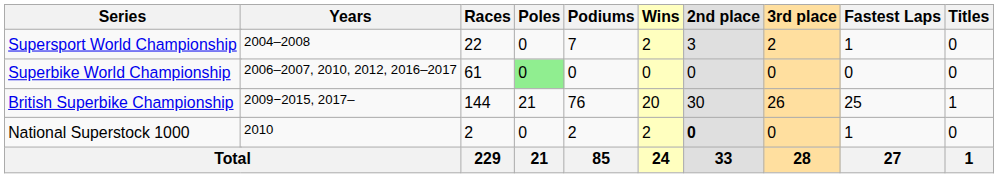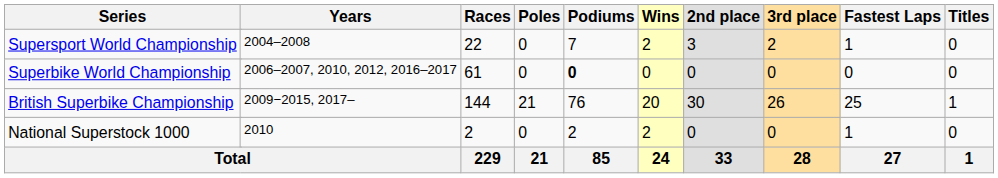 <table class="wikitable">
 <tr>
 <th colspan=2>Series</th>
 <th>Years</th>
 <th>Races</th>
 <th>Poles</th>
 <th>Podiums</th>
 <td style="background:#ffffbf;"><strong>Wins</strong></td>
 <td style="background:#DFDFDF;"><strong>2nd place</strong></td>
 <td style="background:#FFDF9F;"><strong>3rd place</strong></td>
 <th>Fastest Laps</th>
 <th>Titles</th>
 </tr>
 <tr>
 <td colspan=2><a href='#'>Supersport World Championship</a></td>
 <td><sup>2004–2008</sup></td>
 <td>22</td>
 <td>0</td>
 <td>7</td>
 <td style="background:#ffffbf;">2</td>
 <td style="background:#DFDFDF;">3</td>
 <td style="background:#FFDF9F;">2</td>
 <td>1</td>
 <td>0</td>
 </tr>
 <tr>
 <td colspan=2><a href='#'>Superbike World Championship</a></td>
 <td><sup>2006–2007, 2010, 2012, 2016–2017</sup></td>
 <td>61</td>
-<td style="background: lightgreen;">0</td>
 <td>0</td>
+<td><strong>0</strong></td>
 <td style="background:#ffffbf;">0</td>
 <td style="background:#DFDFDF;">0</td>
 <td style="background:#FFDF9F;">0</td>
 <td>0</td>
 <td>0</td>
 </tr>
 <tr>
 <td colspan=2><a href='#'>British Superbike Championship</a></td>
 <td><sup>2009−2015, 2017–</sup></td>
 <td>144</td>
 <td>21</td>
 <td>76</td>
 <td style="background:#ffffbf;">20</td>
 <td style="background:#DFDFDF;">30</td>
 <td style="background:#FFDF9F;">26</td>
 <td>25</td>
 <td>1</td>
 </tr>
 <tr>
 <td colspan=2>National Superstock 1000</td>
 <td><sup>2010</sup></td>
 <td>2</td>
 <td>0</td>
 <td>2</td>
 <td style="background:#ffffbf;">2</td>
-<td style="background:#DFDFDF;"><strong>0</strong></td>
+<td style="background:#DFDFDF;">0</td>
 <td style="background:#FFDF9F;">0</td>
 <td>1</td>
 <td>0</td>
 </tr>
 <tr>
 <th colspan=3>Total</th>
 <th>229</th>
 <th>21</th>
 <th>85</th>
 <th style="background:#ffffbf;">24</th>
 <th style="background:#DFDFDF;">33</th>
 <th style="background:#FFDF9F;">28</th>
 <th>27</th>
 <th>1</th>
 </tr>
 </table>
